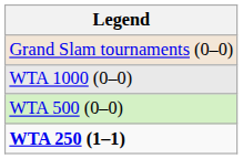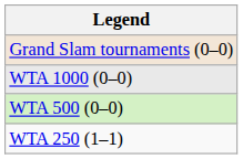 <table class=wikitable style="font-size:90%;">
 <tr>
 <th>Legend</th>
 </tr>
 <tr>
 <td bgcolor=f3e6d7><a href='#'>Grand Slam tournaments</a> (0–0)</td>
 </tr>
 <tr>
 <td bgcolor=e9e9e9><a href='#'>WTA 1000</a> (0–0)</td>
 </tr>
 <tr>
 <td bgcolor=d4f1c5><a href='#'>WTA 500</a> (0–0)</td>
 </tr>
 <tr>
-<td><strong><a href='#'>WTA 250</a> (1–1)</strong></td>
+<td><a href='#'>WTA 250</a> (1–1)</td>
 </tr>
 </table>
